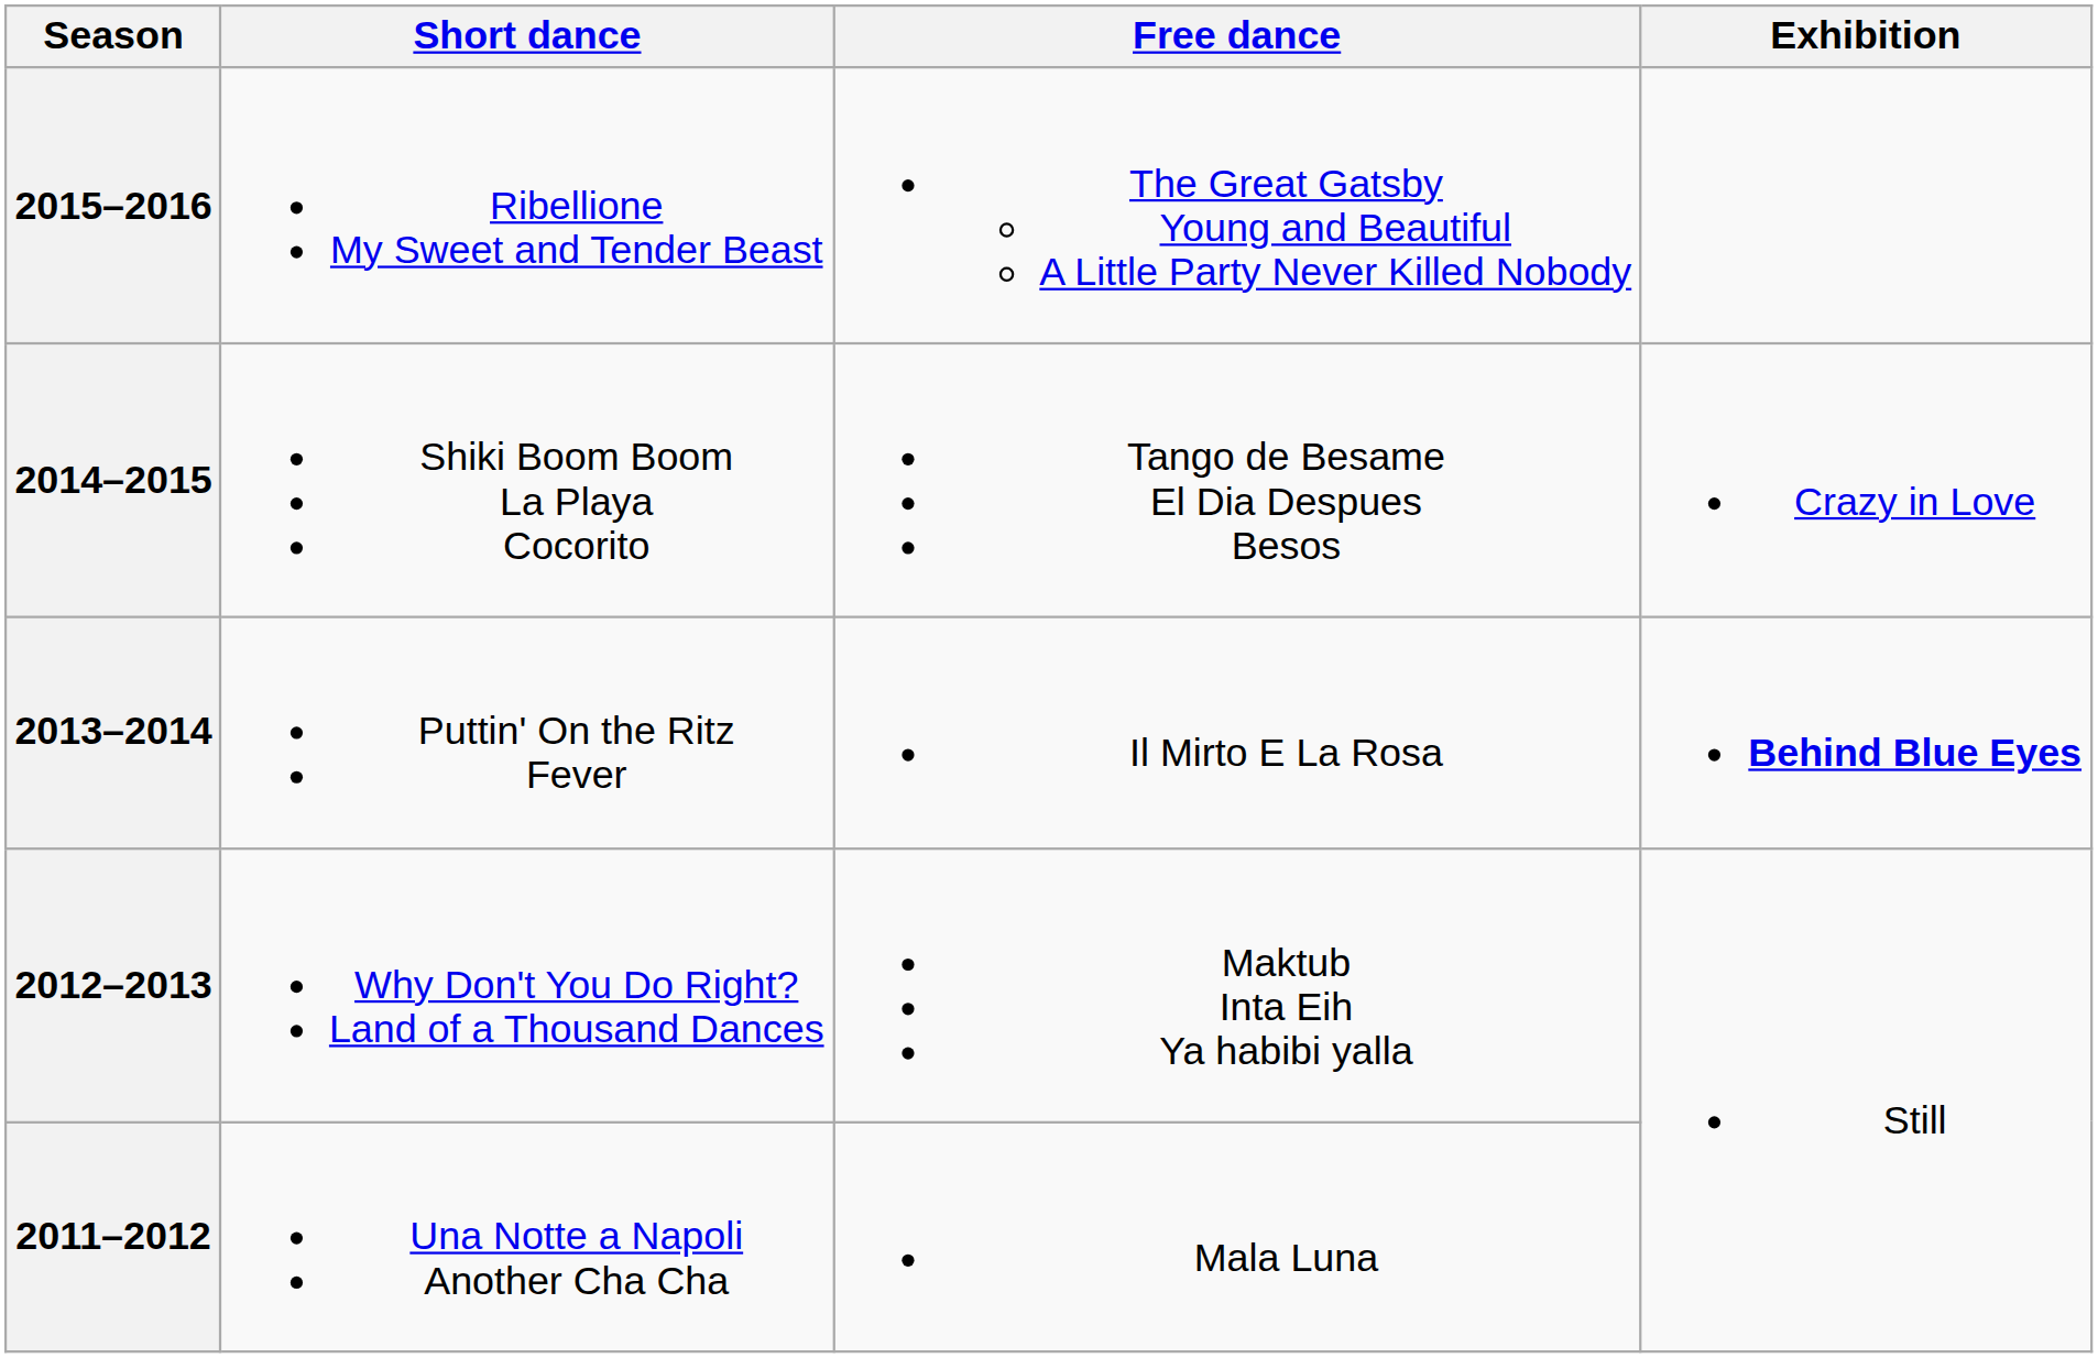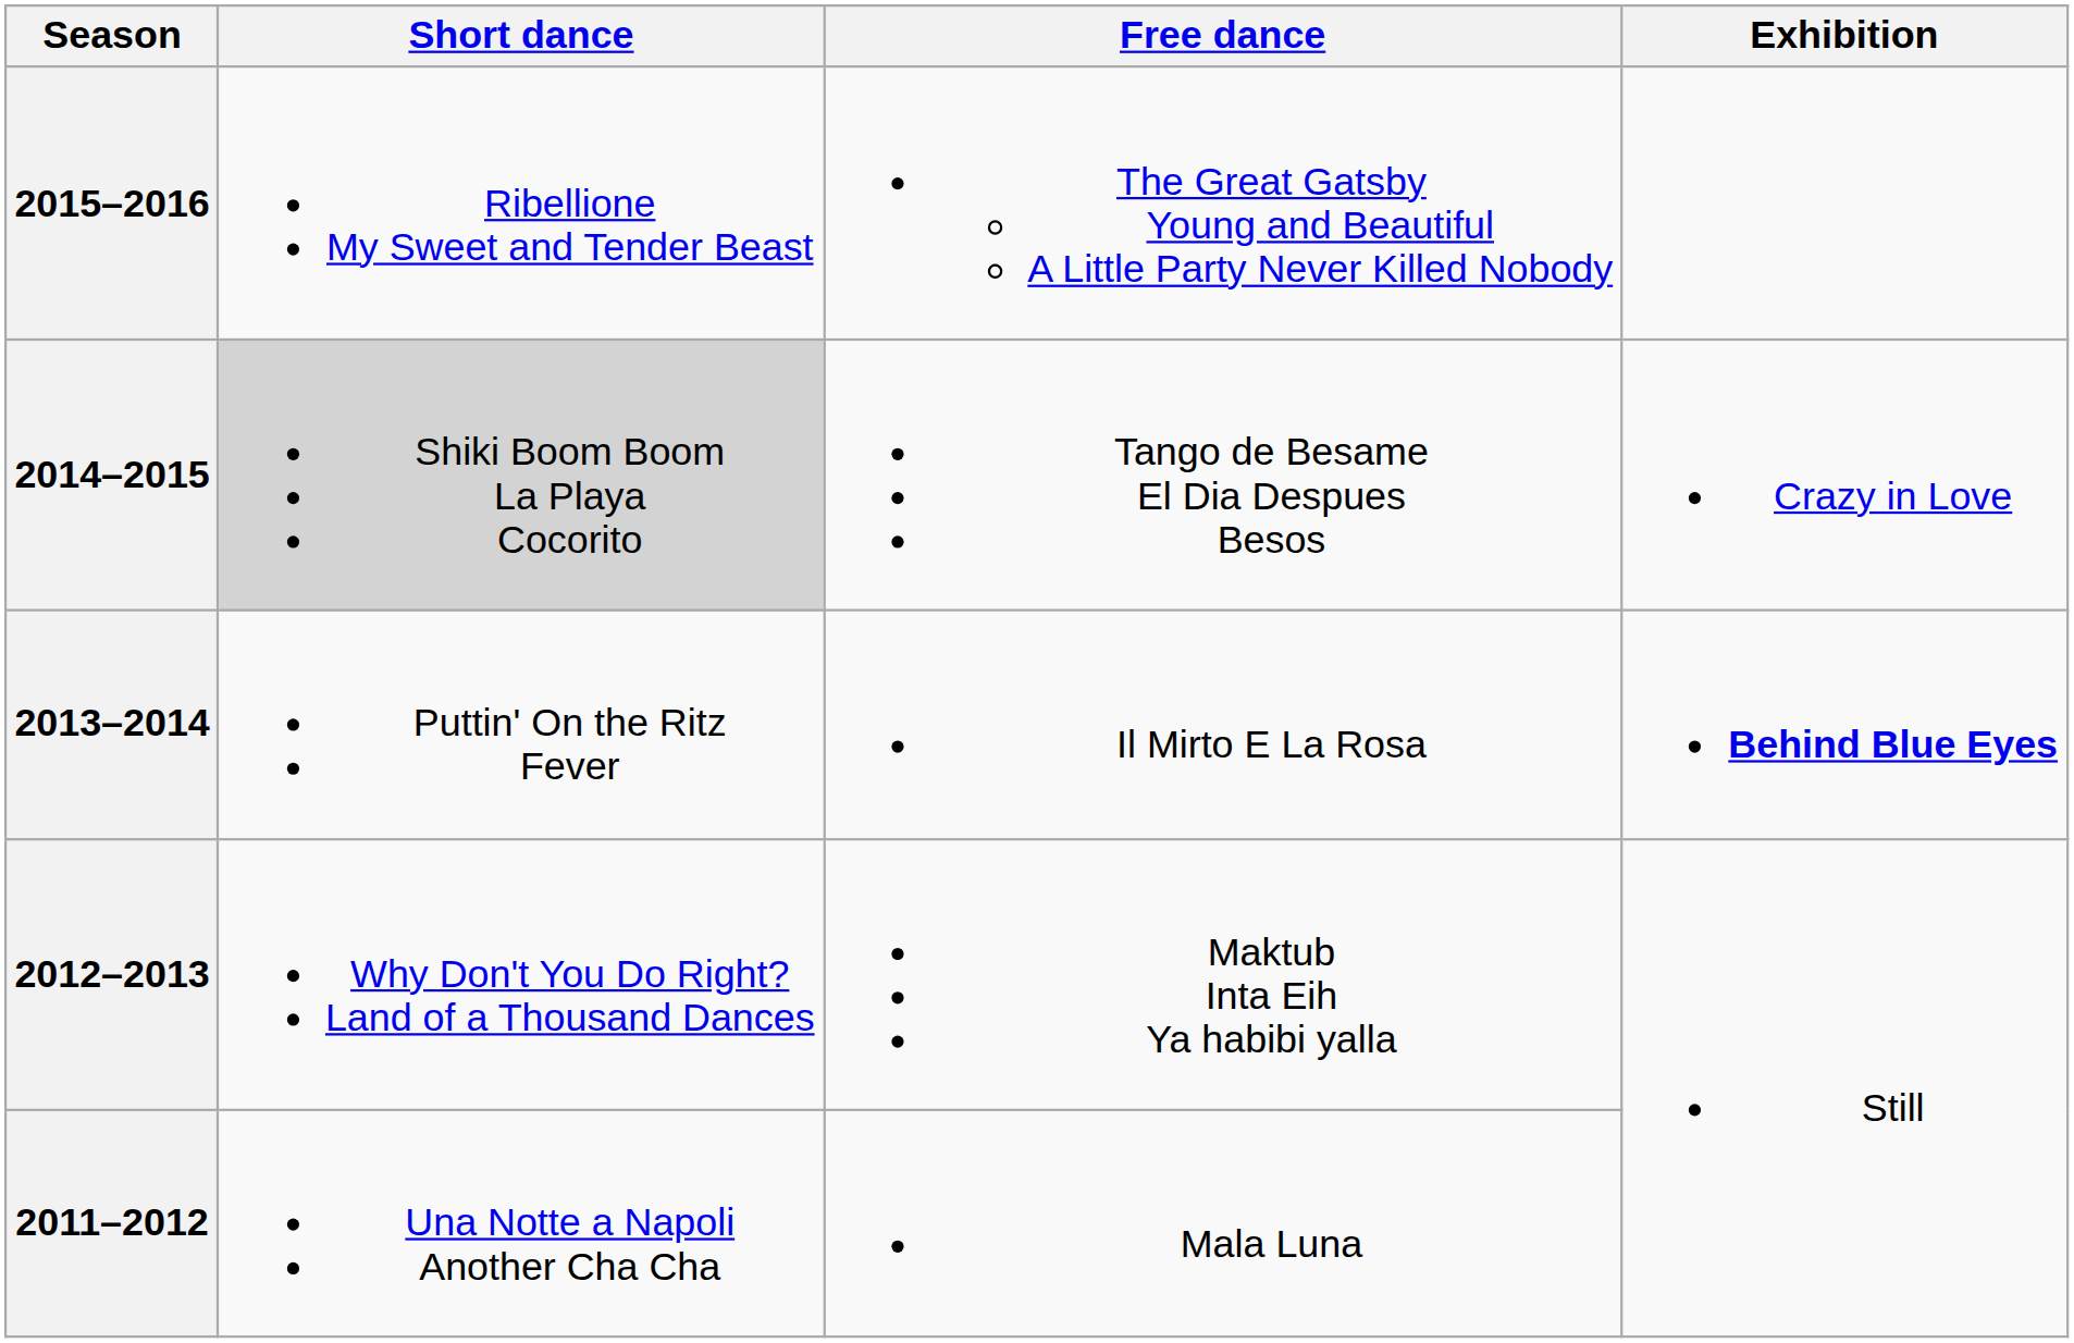 <table class="wikitable" style="text-align:center">
 <tr>
 <th>Season</th>
 <th><a href='#'>Short dance</a></th>
 <th><a href='#'>Free dance</a></th>
 <th>Exhibition</th>
 </tr>
 <tr>
 <th>2015–2016 <br></th>
 <td><br><ul><li> <a href='#'>Ribellione</a> <br></li><li> <a href='#'>My Sweet and Tender Beast</a> <br></li></ul></td>
 <td><br><ul><li><a href='#'>The Great Gatsby</a><ul><li><a href='#'>Young and Beautiful</a> <br></li><li><a href='#'>A Little Party Never Killed Nobody</a> <br> </li></ul></li></ul></td>
 <td></td>
 </tr>
 <tr>
 <th>2014–2015 <br></th>
-<td><br><ul><li> Shiki Boom Boom</li><li> La Playa <br></li><li> Cocorito</li></ul></td>
+<td style="background: lightgrey;"><br><ul><li> Shiki Boom Boom</li><li> La Playa <br></li><li> Cocorito</li></ul></td>
 <td><br><ul><li>Tango de Besame <br></li><li>El Dia Despues <br></li><li>Besos <br></li></ul></td>
 <td><br><ul><li><a href='#'>Crazy in Love</a> <br> </li></ul></td>
 </tr>
 <tr>
 <th>2013–2014 <br></th>
 <td><br><ul><li>Puttin' On the Ritz <br></li><li>Fever</li></ul></td>
 <td><br><ul><li>Il Mirto E La Rosa <br></li></ul></td>
 <td><strong><br><ul><li><a href='#'>Behind Blue Eyes</a> <br></li></ul></strong></td>
 </tr>
 <tr>
 <th>2012–2013 <br></th>
 <td><br><ul><li><a href='#'>Why Don't You Do Right?</a> <br></li><li><a href='#'>Land of a Thousand Dances</a> <br></li></ul></td>
 <td><br><ul><li>Maktub <br></li><li>Inta Eih <br></li><li>Ya habibi yalla <br></li></ul></td>
 <td rowspan=2><br><ul><li>Still <br></li></ul></td>
 </tr>
 <tr>
 <th>2011–2012 <br></th>
 <td><br><ul><li><a href='#'>Una Notte a Napoli</a> <br></li><li>Another Cha Cha</li></ul></td>
 <td><br><ul><li>Mala Luna <br></li></ul></td>
 </tr>
 </table>
